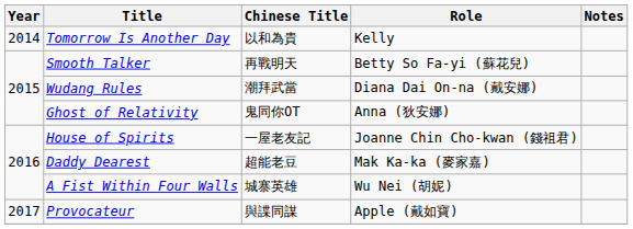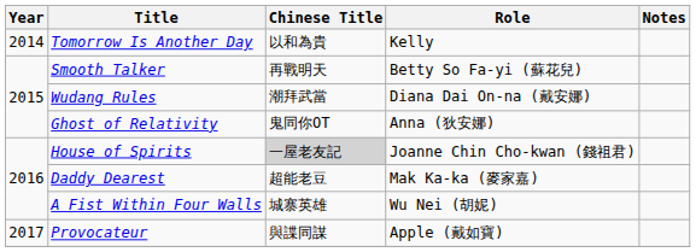 <table class="wikitable sortable">
 <tr>
 <th>Year</th>
 <th>Title</th>
 <th>Chinese Title</th>
 <th>Role</th>
 <th>Notes</th>
 </tr>
 <tr>
 <td>2014</td>
 <td><em><a href='#'>Tomorrow Is Another Day</a></em></td>
 <td>以和為貴</td>
 <td>Kelly</td>
 <td></td>
 </tr>
 <tr>
 <td rowspan=3>2015</td>
 <td><em><a href='#'>Smooth Talker</a></em></td>
 <td>再戰明天</td>
 <td>Betty So Fa-yi (蘇花兒)</td>
 <td></td>
 </tr>
 <tr>
 <td><em><a href='#'>Wudang Rules</a></em></td>
 <td>潮拜武當</td>
 <td>Diana Dai On-na (戴安娜)</td>
 <td></td>
 </tr>
 <tr>
 <td><em><a href='#'>Ghost of Relativity</a></em></td>
 <td>鬼同你OT</td>
 <td>Anna (狄安娜)</td>
 <td></td>
 </tr>
 <tr>
 <td rowspan=3>2016</td>
 <td><em><a href='#'>House of Spirits</a></em></td>
-<td>一屋老友記</td>
+<td style="background: lightgrey;">一屋老友記</td>
 <td>Joanne Chin Cho-kwan (錢祖君)</td>
 <td></td>
 </tr>
 <tr>
 <td><em><a href='#'>Daddy Dearest</a></em></td>
 <td>超能老豆</td>
 <td>Mak Ka-ka (麥家嘉)</td>
 <td></td>
 </tr>
 <tr>
 <td><em><a href='#'>A Fist Within Four Walls</a></em></td>
 <td>城寨英雄</td>
 <td>Wu Nei (胡妮)</td>
 <td></td>
 </tr>
 <tr>
 <td rowspan=1>2017</td>
 <td><em><a href='#'>Provocateur</a></em></td>
 <td>與諜同謀</td>
 <td>Apple (戴如寶)</td>
 <td></td>
 </tr>
 <tr>
 </tr>
 </table>
